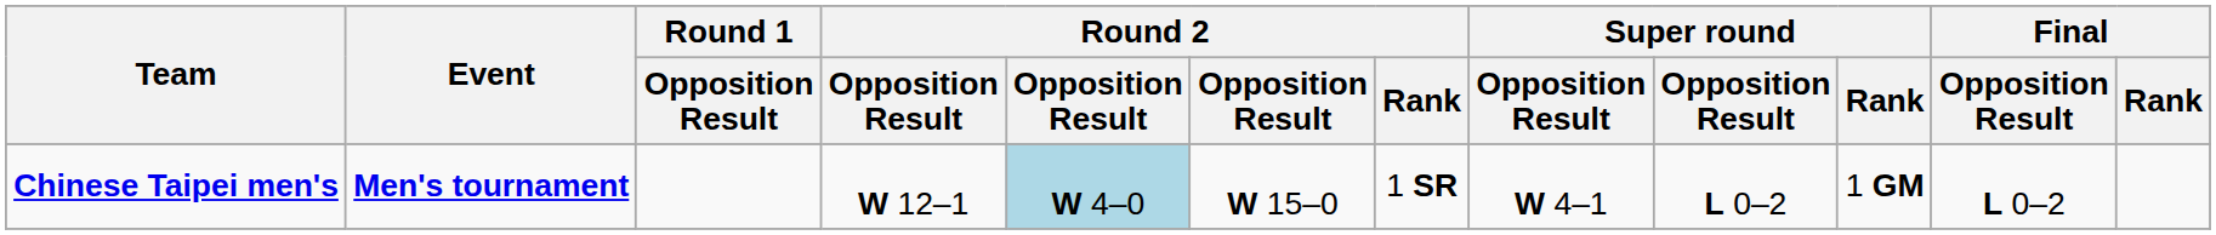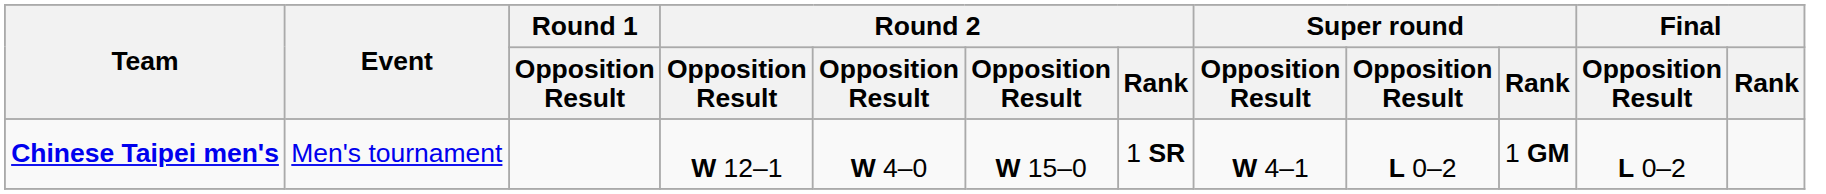 <table class="wikitable" style="font-size:90%; text-align:center">
 <tr>
 <th rowspan="2">Team</th>
 <th rowspan="2">Event</th>
 <th>Round 1</th>
 <th colspan="4">Round 2</th>
 <th colspan="3">Super round</th>
 <th colspan="2">Final</th>
 </tr>
 <tr>
 <th>Opposition<br>Result</th>
 <th>Opposition<br>Result</th>
 <th>Opposition<br>Result</th>
 <th>Opposition<br>Result</th>
 <th>Rank</th>
 <th>Opposition<br>Result</th>
 <th>Opposition<br>Result</th>
 <th>Rank</th>
 <th>Opposition<br>Result</th>
 <th>Rank</th>
 </tr>
 <tr>
 <td align="left"><strong><a href='#'>Chinese Taipei men's</a></strong></td>
-<td align="left"><strong><a href='#'>Men's tournament</a></strong></td>
+<td align="left"><a href='#'>Men's tournament</a></td>
 <td></td>
 <td><br><strong>W</strong> 12–1</td>
-<td style="background: lightblue;"><br><strong>W</strong> 4–0</td>
+<td><br><strong>W</strong> 4–0</td>
 <td><br><strong>W</strong> 15–0</td>
 <td>1 <strong>SR</strong></td>
 <td><br><strong>W</strong> 4–1</td>
 <td><br><strong>L</strong> 0–2</td>
 <td>1 <strong>GM</strong></td>
 <td><br><strong>L</strong> 0–2</td>
 <td></td>
 </tr>
 </table>
